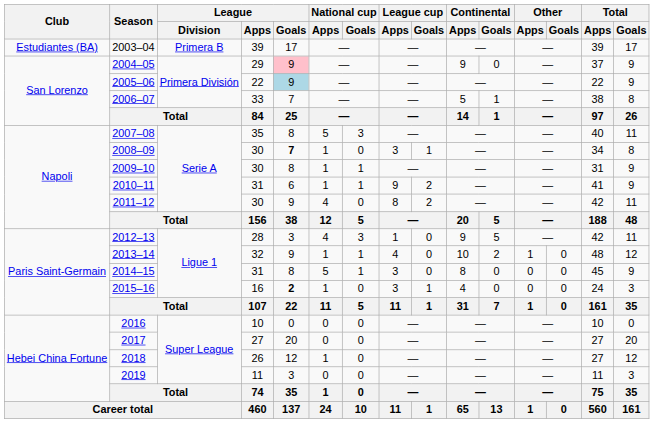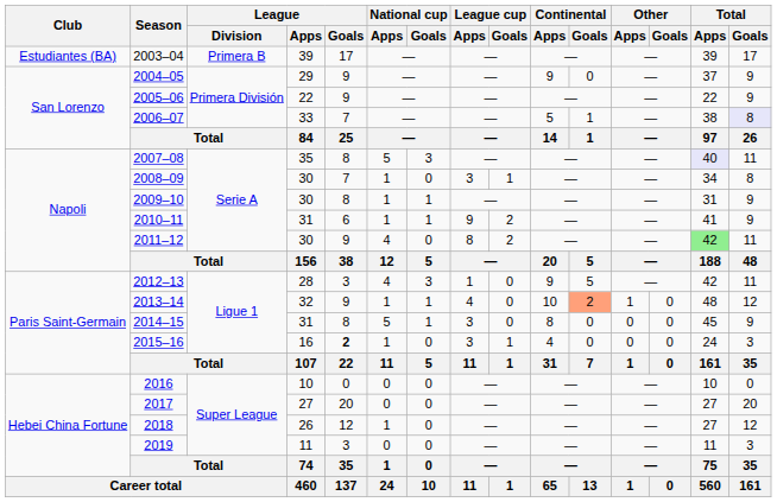 <table class="wikitable" style="text-align:center">
 <tr>
 <th rowspan="2">Club</th>
 <th rowspan="2">Season</th>
 <th colspan="3">League</th>
 <th colspan="2">National cup</th>
 <th colspan="2">League cup</th>
 <th colspan="2">Continental</th>
 <th colspan="2">Other</th>
 <th colspan="2">Total</th>
 </tr>
 <tr>
 <th>Division</th>
 <th>Apps</th>
 <th>Goals</th>
 <th>Apps</th>
 <th>Goals</th>
 <th>Apps</th>
 <th>Goals</th>
 <th>Apps</th>
 <th>Goals</th>
 <th>Apps</th>
 <th>Goals</th>
 <th>Apps</th>
 <th>Goals</th>
 </tr>
 <tr>
 <td><a href='#'>Estudiantes (BA)</a></td>
 <td>2003–04</td>
 <td><a href='#'>Primera B</a></td>
 <td>39</td>
 <td>17</td>
 <td colspan="2">—</td>
 <td colspan="2">—</td>
 <td colspan="2">—</td>
 <td colspan="2">—</td>
 <td>39</td>
 <td>17</td>
 </tr>
 <tr>
 <td rowspan="4"><a href='#'>San Lorenzo</a></td>
 <td><a href='#'>2004–05</a></td>
 <td rowspan="3"><a href='#'>Primera División</a></td>
 <td>29</td>
-<td style="background: pink;">9</td>
+<td>9</td>
 <td colspan="2">—</td>
 <td colspan="2">—</td>
 <td>9</td>
 <td>0</td>
 <td colspan="2">—</td>
 <td>37</td>
 <td>9</td>
 </tr>
 <tr>
 <td><a href='#'>2005–06</a></td>
 <td>22</td>
-<td style="background: lightblue;">9</td>
+<td>9</td>
 <td colspan="2">—</td>
 <td colspan="2">—</td>
 <td colspan="2">—</td>
 <td colspan="2">—</td>
 <td>22</td>
 <td>9</td>
 </tr>
 <tr>
 <td><a href='#'>2006–07</a></td>
 <td>33</td>
 <td>7</td>
 <td colspan="2">—</td>
 <td colspan="2">—</td>
 <td>5</td>
 <td>1</td>
 <td colspan="2">—</td>
 <td>38</td>
-<td>8</td>
+<td style="background: lavender;">8</td>
 </tr>
 <tr>
 <th colspan="2">Total</th>
 <th>84</th>
 <th>25</th>
 <th colspan="2">—</th>
 <th colspan="2">—</th>
 <th>14</th>
 <th>1</th>
 <th colspan="2">—</th>
 <th>97</th>
 <th>26</th>
 </tr>
 <tr>
 <td rowspan="6"><a href='#'>Napoli</a></td>
 <td><a href='#'>2007–08</a></td>
 <td rowspan="5"><a href='#'>Serie A</a></td>
 <td>35</td>
 <td>8</td>
 <td>5</td>
 <td>3</td>
 <td colspan="2">—</td>
 <td colspan="2">—</td>
 <td colspan="2">—</td>
-<td>40</td>
+<td style="background: lavender;">40</td>
 <td>11</td>
 </tr>
 <tr>
 <td><a href='#'>2008–09</a></td>
 <td>30</td>
-<td><strong>7</strong></td>
+<td>7</td>
 <td>1</td>
 <td>0</td>
 <td>3</td>
 <td>1</td>
 <td colspan="2">—</td>
 <td colspan="2">—</td>
 <td>34</td>
 <td>8</td>
 </tr>
 <tr>
 <td><a href='#'>2009–10</a></td>
 <td>30</td>
 <td>8</td>
 <td>1</td>
 <td>1</td>
 <td colspan="2">—</td>
 <td colspan="2">—</td>
 <td colspan="2">—</td>
 <td>31</td>
 <td>9</td>
 </tr>
 <tr>
 <td><a href='#'>2010–11</a></td>
 <td>31</td>
 <td>6</td>
 <td>1</td>
 <td>1</td>
 <td>9</td>
 <td>2</td>
 <td colspan="2">—</td>
 <td colspan="2">—</td>
 <td>41</td>
 <td>9</td>
 </tr>
 <tr>
 <td><a href='#'>2011–12</a></td>
 <td>30</td>
 <td>9</td>
 <td>4</td>
 <td>0</td>
 <td>8</td>
 <td>2</td>
 <td colspan="2">—</td>
 <td colspan="2">—</td>
-<td>42</td>
+<td style="background: lightgreen;">42</td>
 <td>11</td>
 </tr>
 <tr>
 <th colspan="2">Total</th>
 <th>156</th>
 <th>38</th>
 <th>12</th>
 <th>5</th>
 <th colspan="2">—</th>
 <th>20</th>
 <th>5</th>
 <th colspan="2">—</th>
 <th>188</th>
 <th>48</th>
 </tr>
 <tr>
 <td rowspan="5"><a href='#'>Paris Saint-Germain</a></td>
 <td><a href='#'>2012–13</a></td>
 <td rowspan="4"><a href='#'>Ligue 1</a></td>
 <td>28</td>
 <td>3</td>
 <td>4</td>
 <td>3</td>
 <td>1</td>
 <td>0</td>
 <td>9</td>
 <td>5</td>
 <td colspan="2">—</td>
 <td>42</td>
 <td>11</td>
 </tr>
 <tr>
 <td><a href='#'>2013–14</a></td>
 <td>32</td>
 <td>9</td>
 <td>1</td>
 <td>1</td>
 <td>4</td>
 <td>0</td>
 <td>10</td>
-<td>2</td>
+<td style="background: lightsalmon;">2</td>
 <td>1</td>
 <td>0</td>
 <td>48</td>
 <td>12</td>
 </tr>
 <tr>
 <td><a href='#'>2014–15</a></td>
 <td>31</td>
 <td>8</td>
 <td>5</td>
 <td>1</td>
 <td>3</td>
 <td>0</td>
 <td>8</td>
 <td>0</td>
 <td>0</td>
 <td>0</td>
 <td>45</td>
 <td>9</td>
 </tr>
 <tr>
 <td><a href='#'>2015–16</a></td>
 <td>16</td>
 <td><strong>2</strong></td>
 <td>1</td>
 <td>0</td>
 <td>3</td>
 <td>1</td>
 <td>4</td>
 <td>0</td>
 <td>0</td>
 <td>0</td>
 <td>24</td>
 <td>3</td>
 </tr>
 <tr>
 <th colspan="2">Total</th>
 <th>107</th>
 <th>22</th>
 <th>11</th>
 <th>5</th>
 <th>11</th>
 <th>1</th>
 <th>31</th>
 <th>7</th>
 <th>1</th>
 <th>0</th>
 <th>161</th>
 <th>35</th>
 </tr>
 <tr>
 <td rowspan="5"><a href='#'>Hebei China Fortune</a></td>
 <td><a href='#'>2016</a></td>
 <td rowspan=4><a href='#'>Super League</a></td>
 <td>10</td>
 <td>0</td>
 <td>0</td>
 <td>0</td>
 <td colspan="2">—</td>
 <td colspan="2">—</td>
 <td colspan="2">—</td>
 <td>10</td>
 <td>0</td>
 </tr>
 <tr>
 <td><a href='#'>2017</a></td>
 <td>27</td>
 <td>20</td>
 <td>0</td>
 <td>0</td>
 <td colspan="2">—</td>
 <td colspan="2">—</td>
 <td colspan="2">—</td>
 <td>27</td>
 <td>20</td>
 </tr>
 <tr>
 <td><a href='#'>2018</a></td>
 <td>26</td>
 <td>12</td>
 <td>1</td>
 <td>0</td>
 <td colspan="2">—</td>
 <td colspan="2">—</td>
 <td colspan="2">—</td>
 <td>27</td>
 <td>12</td>
 </tr>
 <tr>
 <td><a href='#'>2019</a></td>
 <td>11</td>
 <td>3</td>
 <td>0</td>
 <td>0</td>
 <td colspan="2">—</td>
 <td colspan="2">—</td>
 <td colspan="2">—</td>
 <td>11</td>
 <td>3</td>
 </tr>
 <tr>
 <th colspan="2">Total</th>
 <th>74</th>
 <th>35</th>
 <th>1</th>
 <th>0</th>
 <th colspan="2">—</th>
 <th colspan="2">—</th>
 <th colspan="2">—</th>
 <th>75</th>
 <th>35</th>
 </tr>
 <tr>
 <th colspan="3">Career total</th>
 <th>460</th>
 <th>137</th>
 <th>24</th>
 <th>10</th>
 <th>11</th>
 <th>1</th>
 <th>65</th>
 <th>13</th>
 <th>1</th>
 <th>0</th>
 <th>560</th>
 <th>161</th>
 </tr>
 </table>
